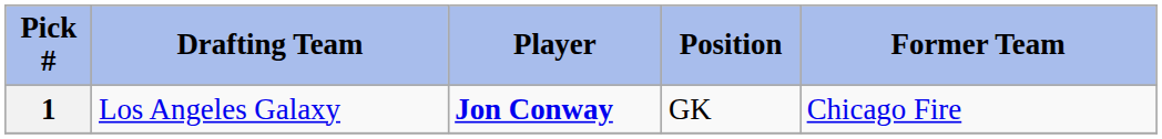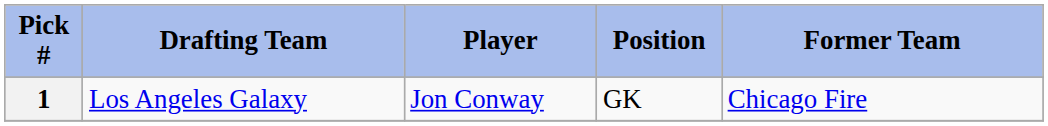 <table class="wikitable sortable" style="width: 70%">
 <tr>
 <th style="background:#A8BDEC;" width=6%>Pick #</th>
 <th width=25% style="background:#A8BDEC;">Drafting Team</th>
 <th width=15% style="background:#A8BDEC;">Player</th>
 <th width=8% style="background:#A8BDEC;">Position</th>
 <th width=25% style="background:#A8BDEC;">Former Team</th>
 </tr>
 <tr>
 <th>1</th>
 <td><a href='#'>Los Angeles Galaxy</a></td>
-<td><strong><a href='#'>Jon Conway</a></strong></td>
+<td><a href='#'>Jon Conway</a></td>
 <td>GK</td>
 <td><a href='#'>Chicago Fire</a></td>
 </tr>
 <tr>
 </tr>
 </table>
